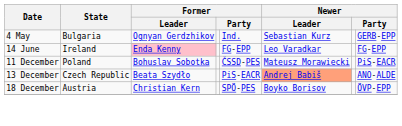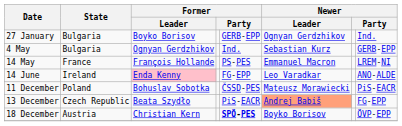 <table class="wikitable">
 <tr>
 <th rowspan=2>Date</th>
 <th rowspan=2>State</th>
 <th colspan=3>Former</th>
 <th colspan=3>Newer</th>
 </tr>
 <tr>
 <th>Leader</th>
 <th colspan=2>Party</th>
 <th>Leader</th>
 <th colspan=2>Party</th>
 </tr>
 <tr>
+<td>27 January</td>
+<td>Bulgaria</td>
+<td><a href='#'>Boyko Borisov</a></td>
+<td style="background-color:"></td>
+<td><a href='#'>GERB</a>-<a href='#'>EPP</a></td>
+<td><a href='#'>Ognyan Gerdzhikov</a></td>
+<td style="background-color:"></td>
+<td><a href='#'>Ind.</a></td>
+</tr>
+<tr>
 <td>4 May</td>
 <td>Bulgaria</td>
 <td><a href='#'>Ognyan Gerdzhikov</a></td>
 <td style="background-color:"></td>
 <td><a href='#'>Ind.</a></td>
 <td><a href='#'>Sebastian Kurz</a></td>
 <td style="background-color:"></td>
 <td><a href='#'>GERB</a>-<a href='#'>EPP</a></td>
 </tr>
 <tr>
+<td>14 May</td>
+<td>France</td>
+<td><a href='#'>François Hollande</a></td>
+<td style="background-color:"></td>
+<td><a href='#'>PS</a>-<a href='#'>PES</a></td>
+<td><a href='#'>Emmanuel Macron</a></td>
+<td style="background-color:"></td>
+<td><a href='#'>LREM</a>-<a href='#'>NI</a></td>
+</tr>
+<tr>
 <td>14 June</td>
 <td>Ireland</td>
 <td style="background: pink;"><a href='#'>Enda Kenny</a></td>
 <td style="background-color:"></td>
 <td><a href='#'>FG</a>-<a href='#'>EPP</a></td>
 <td><a href='#'>Leo Varadkar</a></td>
 <td style="background-color:"></td>
-<td><a href='#'>FG</a>-<a href='#'>EPP</a></td>
+<td><a href='#'>ANO</a>-<a href='#'>ALDE</a></td>
 </tr>
 <tr>
 <td>11 December</td>
 <td>Poland</td>
 <td><a href='#'>Bohuslav Sobotka</a></td>
 <td style="background-color:"></td>
 <td><a href='#'>ČSSD</a>-<a href='#'>PES</a></td>
 <td><a href='#'>Mateusz Morawiecki</a></td>
 <td style="background-color:"></td>
 <td><a href='#'>PiS</a>-<a href='#'>EACR</a></td>
 </tr>
 <tr>
 <td>13 December</td>
 <td>Czech Republic</td>
 <td><a href='#'>Beata Szydło</a></td>
 <td style="background-color:"></td>
 <td><a href='#'>PiS</a>-<a href='#'>EACR</a></td>
 <td style="background: lightsalmon;"><a href='#'>Andrej Babiš</a></td>
 <td style="background-color:"></td>
-<td><a href='#'>ANO</a>-<a href='#'>ALDE</a></td>
+<td><a href='#'>FG</a>-<a href='#'>EPP</a></td>
 </tr>
 <tr>
 <td>18 December</td>
 <td>Austria</td>
 <td><a href='#'>Christian Kern</a></td>
 <td style="background-color:"></td>
-<td><a href='#'>SPÖ</a>-<a href='#'>PES</a></td>
+<td><strong><a href='#'>SPÖ</a>-<a href='#'>PES</a></strong></td>
 <td><a href='#'>Boyko Borisov</a></td>
 <td style="background-color:"></td>
 <td><a href='#'>ÖVP</a>-<a href='#'>EPP</a></td>
 </tr>
 <tr>
 </tr>
 </table>
